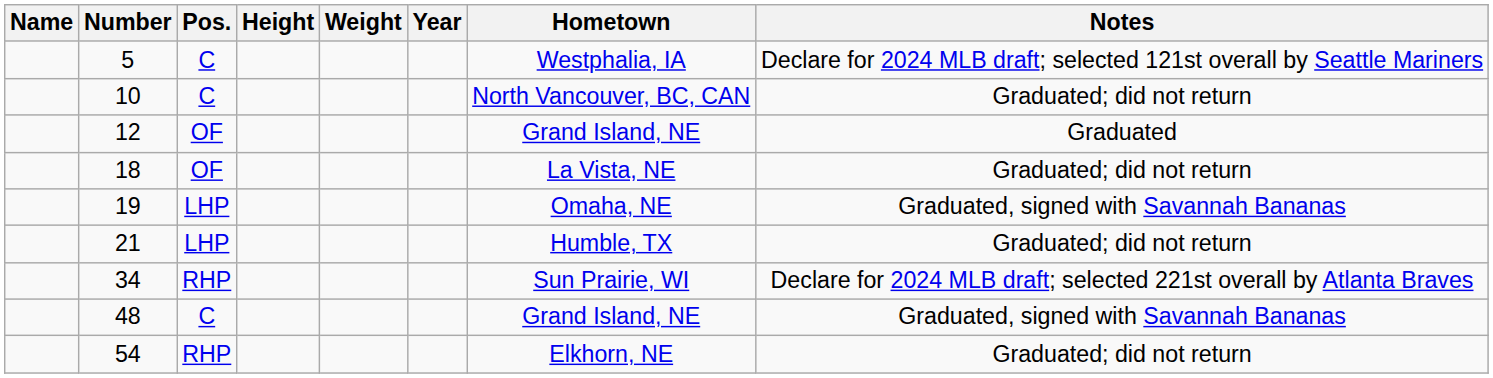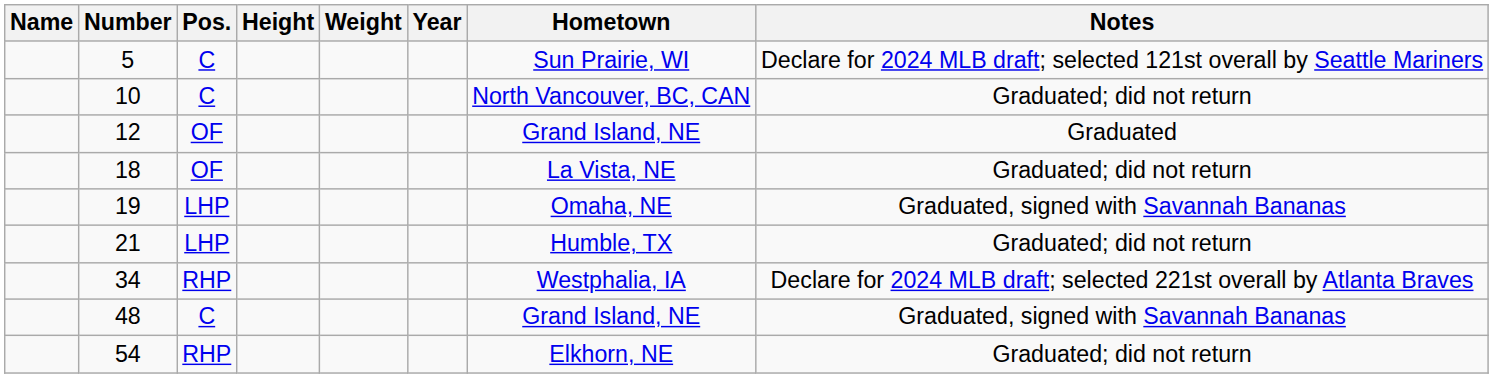 <table class="wikitable sortable sortable" style="text-align: center">
 <tr align=center>
 <th>Name</th>
 <th>Number</th>
 <th>Pos.</th>
 <th>Height</th>
 <th>Weight</th>
 <th>Year</th>
 <th>Hometown</th>
 <th>Notes</th>
 </tr>
 <tr>
 <td></td>
 <td>5</td>
 <td><a href='#'>C</a></td>
 <td></td>
 <td></td>
 <td></td>
-<td><a href='#'>Westphalia, IA</a></td>
+<td><a href='#'>Sun Prairie, WI</a></td>
 <td>Declare for <a href='#'>2024 MLB draft</a>; selected 121st overall by <a href='#'>Seattle Mariners</a></td>
 </tr>
 <tr>
 <td></td>
 <td>10</td>
 <td><a href='#'>C</a></td>
 <td></td>
 <td></td>
 <td></td>
 <td><a href='#'>North Vancouver, BC, CAN</a></td>
 <td>Graduated; did not return</td>
 </tr>
 <tr>
 <td></td>
 <td>12</td>
 <td><a href='#'>OF</a></td>
 <td></td>
 <td></td>
 <td></td>
 <td><a href='#'>Grand Island, NE</a></td>
 <td>Graduated</td>
 </tr>
 <tr>
 <td></td>
 <td>18</td>
 <td><a href='#'>OF</a></td>
 <td></td>
 <td></td>
 <td></td>
 <td><a href='#'>La Vista, NE</a></td>
 <td>Graduated; did not return</td>
 </tr>
 <tr>
 <td></td>
 <td>19</td>
 <td><a href='#'>LHP</a></td>
 <td></td>
 <td></td>
 <td></td>
 <td><a href='#'>Omaha, NE</a></td>
 <td>Graduated, signed with <a href='#'>Savannah Bananas</a></td>
 </tr>
 <tr>
 <td></td>
 <td>21</td>
 <td><a href='#'>LHP</a></td>
 <td></td>
 <td></td>
 <td></td>
 <td><a href='#'>Humble, TX</a></td>
 <td>Graduated; did not return</td>
 </tr>
 <tr>
 <td></td>
 <td>34</td>
 <td><a href='#'>RHP</a></td>
 <td></td>
 <td></td>
 <td></td>
-<td><a href='#'>Sun Prairie, WI</a></td>
+<td><a href='#'>Westphalia, IA</a></td>
 <td>Declare for <a href='#'>2024 MLB draft</a>; selected 221st overall by <a href='#'>Atlanta Braves</a></td>
 </tr>
 <tr>
 <td></td>
 <td>48</td>
 <td><a href='#'>C</a></td>
 <td></td>
 <td></td>
 <td></td>
 <td><a href='#'>Grand Island, NE</a></td>
 <td>Graduated, signed with <a href='#'>Savannah Bananas</a></td>
 </tr>
 <tr>
 <td></td>
 <td>54</td>
 <td><a href='#'>RHP</a></td>
 <td></td>
 <td></td>
 <td></td>
 <td><a href='#'>Elkhorn, NE</a></td>
 <td>Graduated; did not return</td>
 </tr>
 </table>
